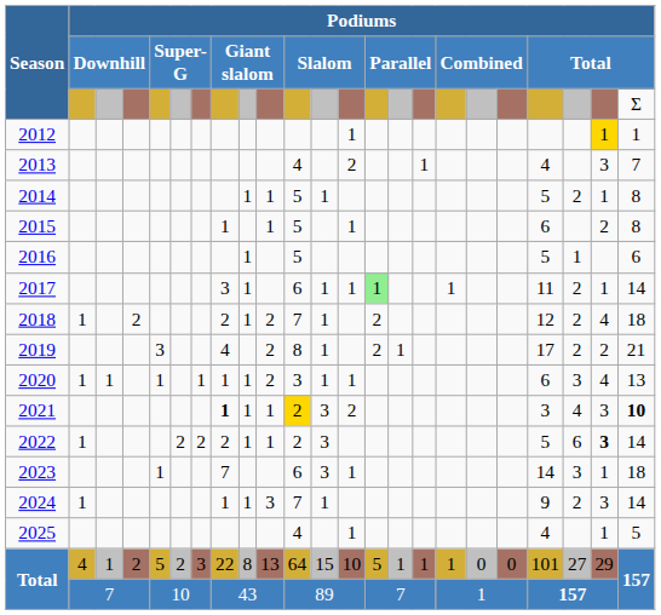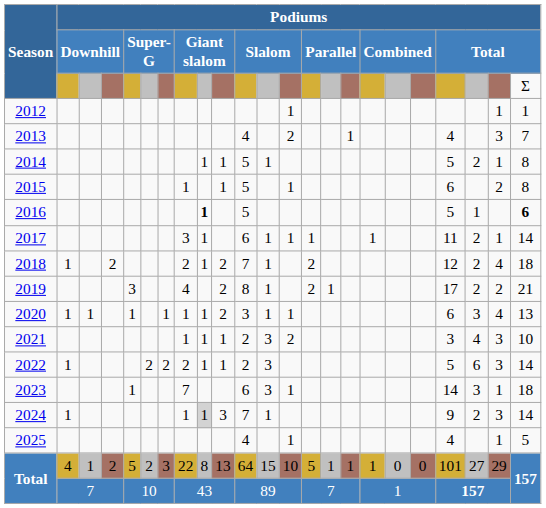 <table class="wikitable" style="font-size:95%; text-align:center; border:grey solid 1px; border-collapse:collapse;" width="55%">
 <tr style="background-color:#369; color:white;">
 <td rowspan="3" colspan="1" width="10%"><strong>Season</strong></td>
 <td colspan="22"><strong>Podiums</strong></td>
 </tr>
 <tr style="background-color:#4180be; color:white;">
 <th style="background:#4180be;" width="300" colspan="3">Downhill</th>
 <th style="background:#4180be;" width="300" colspan="3">Super-G</th>
 <th style="background:#4180be;" width="350" colspan="3">Giant slalom</th>
 <th style="background:#4180be;" width="350" colspan="3">Slalom</th>
 <th style="background:#4180be;" width="350" colspan="3">Parallel</th>
 <th style="background:#4180be;" width="350" colspan="3">Combined</th>
 <th style="background:#4180be;" width="450" colspan="4">Total</th>
 </tr>
 <tr>
 <td align="center" bgcolor="#d4af37"></td>
 <td align="center" bgcolor="silver"></td>
 <td align="center" bgcolor="#a57164"></td>
 <td align="center" bgcolor="#d4af37"></td>
 <td align="center" bgcolor="silver"></td>
 <td align="center" bgcolor="#a57164"></td>
 <td align="center" bgcolor="#d4af37"></td>
 <td align="center" bgcolor="silver"></td>
 <td align="center" bgcolor="#a57164"></td>
 <td align="center" bgcolor="#d4af37"></td>
 <td align="center" bgcolor="silver"></td>
 <td align="center" bgcolor="#a57164"></td>
 <td align="center" bgcolor="#d4af37"></td>
 <td align="center" bgcolor="silver"></td>
 <td align="center" bgcolor="#a57164"></td>
 <td align="center" bgcolor="#d4af37"></td>
 <td align="center" bgcolor="silver"></td>
 <td align="center" bgcolor="#a57164"></td>
 <td align="center" bgcolor="#d4af37"></td>
 <td align="center" bgcolor="silver"></td>
 <td align="center" bgcolor="#a57164"></td>
 <td>Σ</td>
 </tr>
 <tr>
 <td align="center"><a href='#'>2012</a></td>
 <td></td>
 <td></td>
 <td></td>
 <td></td>
 <td></td>
 <td></td>
 <td></td>
 <td></td>
 <td></td>
 <td></td>
 <td></td>
 <td>1</td>
 <td></td>
 <td></td>
 <td></td>
 <td></td>
 <td></td>
 <td></td>
 <td></td>
 <td></td>
-<td style="background: gold;">1</td>
+<td>1</td>
 <td>1</td>
 </tr>
 <tr>
 <td align="center"><a href='#'>2013</a></td>
 <td></td>
 <td></td>
 <td></td>
 <td></td>
 <td></td>
 <td></td>
 <td></td>
 <td></td>
 <td></td>
 <td>4</td>
 <td></td>
 <td>2</td>
 <td></td>
 <td></td>
 <td>1</td>
 <td></td>
 <td></td>
 <td></td>
 <td>4</td>
 <td></td>
 <td>3</td>
 <td>7</td>
 </tr>
 <tr>
 <td align="center"><a href='#'>2014</a></td>
 <td></td>
 <td></td>
 <td></td>
 <td></td>
 <td></td>
 <td></td>
 <td></td>
 <td>1</td>
 <td>1</td>
 <td>5</td>
 <td>1</td>
 <td></td>
 <td></td>
 <td></td>
 <td></td>
 <td></td>
 <td></td>
 <td></td>
 <td>5</td>
 <td>2</td>
 <td>1</td>
 <td>8</td>
 </tr>
 <tr>
 <td align="center"><a href='#'>2015</a></td>
 <td></td>
 <td></td>
 <td></td>
 <td></td>
 <td></td>
 <td></td>
 <td>1</td>
 <td></td>
 <td>1</td>
 <td>5</td>
 <td></td>
 <td>1</td>
 <td></td>
 <td></td>
 <td></td>
 <td></td>
 <td></td>
 <td></td>
 <td>6</td>
 <td></td>
 <td>2</td>
 <td>8</td>
 </tr>
 <tr>
 <td align="center"><a href='#'>2016</a></td>
 <td></td>
 <td></td>
 <td></td>
 <td></td>
 <td></td>
 <td></td>
 <td></td>
-<td>1</td>
+<td><strong>1</strong></td>
 <td></td>
 <td>5</td>
 <td></td>
 <td></td>
 <td></td>
 <td></td>
 <td></td>
 <td></td>
 <td></td>
 <td></td>
 <td>5</td>
 <td>1</td>
 <td></td>
-<td>6</td>
+<td><strong>6</strong></td>
 </tr>
 <tr>
 <td align="center"><a href='#'>2017</a></td>
 <td></td>
 <td></td>
 <td></td>
 <td></td>
 <td></td>
 <td></td>
 <td>3</td>
 <td>1</td>
 <td></td>
 <td>6</td>
 <td>1</td>
 <td>1</td>
-<td style="background: lightgreen;">1</td>
+<td>1</td>
 <td></td>
 <td></td>
 <td>1</td>
 <td></td>
 <td></td>
 <td>11</td>
 <td>2</td>
 <td>1</td>
 <td>14</td>
 </tr>
 <tr>
 <td align="center"><a href='#'>2018</a></td>
 <td>1</td>
 <td></td>
 <td>2</td>
 <td></td>
 <td></td>
 <td></td>
 <td>2</td>
 <td>1</td>
 <td>2</td>
 <td>7</td>
 <td>1</td>
 <td></td>
 <td>2</td>
 <td></td>
 <td></td>
 <td></td>
 <td></td>
 <td></td>
 <td>12</td>
 <td>2</td>
 <td>4</td>
 <td>18</td>
 </tr>
 <tr>
 <td align="center"><a href='#'>2019</a></td>
 <td></td>
 <td></td>
 <td></td>
 <td>3</td>
 <td></td>
 <td></td>
 <td>4</td>
 <td></td>
 <td>2</td>
 <td>8</td>
 <td>1</td>
 <td></td>
 <td>2</td>
 <td>1</td>
 <td></td>
 <td></td>
 <td></td>
 <td></td>
 <td>17</td>
 <td>2</td>
 <td>2</td>
 <td>21</td>
 </tr>
 <tr>
 <td align="center"><a href='#'>2020</a></td>
 <td>1</td>
 <td>1</td>
 <td></td>
 <td>1</td>
 <td></td>
 <td>1</td>
 <td>1</td>
 <td>1</td>
 <td>2</td>
 <td>3</td>
 <td>1</td>
 <td>1</td>
 <td></td>
 <td></td>
 <td></td>
 <td></td>
 <td></td>
 <td></td>
 <td>6</td>
 <td>3</td>
 <td>4</td>
 <td>13</td>
 </tr>
 <tr>
 <td align="center"><a href='#'>2021</a></td>
 <td></td>
 <td></td>
 <td></td>
 <td></td>
 <td></td>
 <td></td>
-<td><strong>1</strong></td>
 <td>1</td>
 <td>1</td>
-<td style="background: gold;">2</td>
+<td>1</td>
+<td>2</td>
 <td>3</td>
 <td>2</td>
 <td></td>
 <td></td>
 <td></td>
 <td></td>
 <td></td>
 <td></td>
 <td>3</td>
 <td>4</td>
 <td>3</td>
-<td><strong>10</strong></td>
+<td>10</td>
 </tr>
 <tr>
 <td align="center"><a href='#'>2022</a></td>
 <td>1</td>
 <td></td>
 <td></td>
 <td></td>
 <td>2</td>
 <td>2</td>
 <td>2</td>
 <td>1</td>
 <td>1</td>
 <td>2</td>
 <td>3</td>
 <td></td>
 <td></td>
 <td></td>
 <td></td>
 <td></td>
 <td></td>
 <td></td>
 <td>5</td>
 <td>6</td>
-<td><strong>3</strong></td>
+<td>3</td>
 <td>14</td>
 </tr>
 <tr>
 <td align="center"><a href='#'>2023</a></td>
 <td></td>
 <td></td>
 <td></td>
 <td>1</td>
 <td></td>
 <td></td>
 <td>7</td>
 <td></td>
 <td></td>
 <td>6</td>
 <td>3</td>
 <td>1</td>
 <td></td>
 <td></td>
 <td></td>
 <td></td>
 <td></td>
 <td></td>
 <td>14</td>
 <td>3</td>
 <td>1</td>
 <td>18</td>
 </tr>
 <tr>
 <td align="center"><a href='#'>2024</a></td>
 <td>1</td>
 <td></td>
 <td></td>
 <td></td>
 <td></td>
 <td></td>
 <td>1</td>
-<td>1</td>
+<td style="background: lightgrey;">1</td>
 <td>3</td>
 <td>7</td>
 <td>1</td>
 <td></td>
 <td></td>
 <td></td>
 <td></td>
 <td></td>
 <td></td>
 <td></td>
 <td>9</td>
 <td>2</td>
 <td>3</td>
 <td>14</td>
 </tr>
 <tr>
 <td align="center"><a href='#'>2025</a></td>
 <td></td>
 <td></td>
 <td></td>
 <td></td>
 <td></td>
 <td></td>
 <td></td>
 <td></td>
 <td></td>
 <td>4</td>
 <td></td>
 <td>1</td>
 <td></td>
 <td></td>
 <td></td>
 <td></td>
 <td></td>
 <td></td>
 <td>4</td>
 <td></td>
 <td>1</td>
 <td>5</td>
 </tr>
 <tr>
 <td rowspan="2" style="background-color:#4180be; color:white; width=100;"><strong>Total </strong></td>
 <td bgcolor="#d4af37">4</td>
 <td bgcolor="silver">1</td>
 <td bgcolor="#a57164">2</td>
 <td bgcolor="#d4af37">5</td>
 <td bgcolor="silver">2</td>
 <td bgcolor="#a57164">3</td>
 <td bgcolor="#d4af37">22</td>
 <td bgcolor="silver">8</td>
 <td bgcolor="#a57164">13</td>
 <td bgcolor="#d4af37">64</td>
 <td bgcolor="silver">15</td>
 <td bgcolor="#a57164">10</td>
 <td bgcolor="#d4af37">5</td>
 <td bgcolor="silver">1</td>
 <td bgcolor="#a57164">1</td>
 <td bgcolor="#d4af37">1</td>
 <td bgcolor="silver">0</td>
 <td bgcolor="#a57164">0</td>
 <td bgcolor="#d4af37">101</td>
 <td bgcolor="silver">27</td>
 <td bgcolor="#a57164">29</td>
 <td rowspan="2" style="background-color:#4180be; color:white; width=100;"><strong>157</strong></td>
 </tr>
 <tr>
 <td style="background-color:#4180be; color:white; width=100;" colspan="3">7</td>
 <td style="background-color:#4180be; color:white; width=100;" colspan="3">10</td>
 <td style="background-color:#4180be; color:white; width=100;" colspan="3">43</td>
 <td colspan="3" style="background-color:#4180be; color:white; width=100;">89</td>
 <td style="background-color:#4180be; color:white; width=100;" colspan="3">7</td>
 <td style="background-color:#4180be; color:white; width=100;" colspan="3">1</td>
 <td style="background-color:#4180be; color:white; width=100;" colspan="3"><strong>157</strong></td>
 </tr>
 </table>
